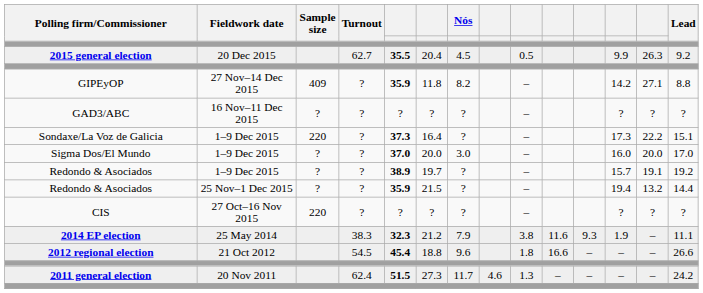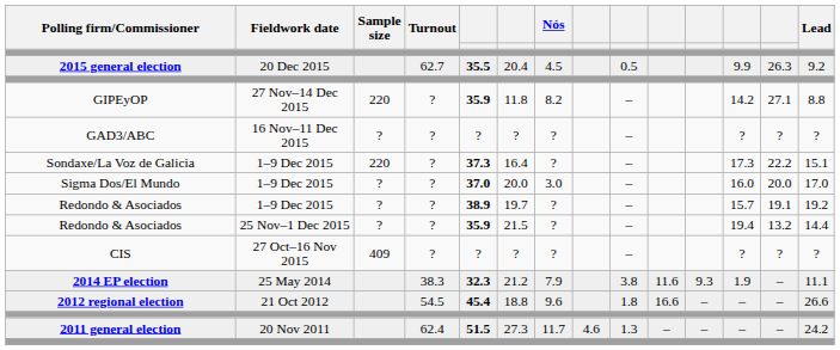 <table class="wikitable collapsible collapsed" style="text-align:center; font-size:95%; line-height:16px;">
 <tr style="height:42px; background-color:#E9E9E9">
 <th style="width:250px;" rowspan="2">Polling firm/Commissioner</th>
 <th style="width:125px;" rowspan="2">Fieldwork date</th>
 <th style="width:50px;" rowspan="2">Sample size</th>
 <th style="width:45px;" rowspan="2">Turnout</th>
 <th style="width:35px;"></th>
 <th style="width:35px;"></th>
 <th style="width:35px;"><a href='#'>Nós</a></th>
 <th style="width:35px;"></th>
 <th style="width:35px;"></th>
 <th style="width:35px;"></th>
 <th style="width:35px;"></th>
 <th style="width:35px;"></th>
 <th style="width:35px;"></th>
 <th style="width:30px;" rowspan="2">Lead</th>
 </tr>
 <tr>
 <th style="color:inherit;background:"></th>
 <th style="color:inherit;background:"></th>
 <th style="color:inherit;background:"></th>
 <th style="color:inherit;background:"></th>
 <th style="color:inherit;background:"></th>
 <th style="color:inherit;background:"></th>
 <th style="color:inherit;background:"></th>
 <th style="color:inherit;background:"></th>
 <th style="color:inherit;background:"></th>
 </tr>
 <tr>
 <td colspan="14" style="background:#A0A0A0"></td>
 </tr>
 <tr style="background:#EFEFEF;">
 <td><strong><a href='#'>2015 general election</a></strong></td>
 <td>20 Dec 2015</td>
 <td></td>
 <td>62.7</td>
 <td><strong>35.5</strong><br></td>
 <td>20.4<br></td>
 <td>4.5<br></td>
 <td></td>
 <td>0.5<br></td>
 <td></td>
 <td></td>
 <td>9.9<br></td>
 <td>26.3<br></td>
 <td style="background:">9.2</td>
 </tr>
 <tr>
 <td colspan="14" style="background:#A0A0A0"></td>
 </tr>
 <tr>
 <td>GIPEyOP</td>
 <td>27 Nov–14 Dec 2015</td>
-<td>409</td>
+<td>220</td>
 <td>?</td>
 <td><strong>35.9</strong><br></td>
 <td>11.8<br></td>
 <td>8.2<br></td>
 <td></td>
 <td>–</td>
 <td></td>
 <td></td>
 <td>14.2<br></td>
 <td>27.1<br></td>
 <td style="background:">8.8</td>
 </tr>
 <tr>
 <td>GAD3/ABC</td>
 <td>16 Nov–11 Dec 2015</td>
 <td>?</td>
 <td>?</td>
 <td>?<br></td>
 <td>?<br></td>
 <td>?<br></td>
 <td></td>
 <td>–</td>
 <td></td>
 <td></td>
 <td>?<br></td>
 <td>?<br></td>
 <td style="background:">?</td>
 </tr>
 <tr>
 <td>Sondaxe/La Voz de Galicia</td>
 <td>1–9 Dec 2015</td>
 <td>220</td>
 <td>?</td>
 <td><strong>37.3</strong><br></td>
 <td>16.4<br></td>
 <td>?<br></td>
 <td></td>
 <td>–</td>
 <td></td>
 <td></td>
 <td>17.3<br></td>
 <td>22.2<br></td>
 <td style="background:">15.1</td>
 </tr>
 <tr>
 <td>Sigma Dos/El Mundo</td>
 <td>1–9 Dec 2015</td>
 <td>?</td>
 <td>?</td>
 <td><strong>37.0</strong><br></td>
 <td>20.0<br></td>
 <td>3.0<br></td>
 <td></td>
 <td>–</td>
 <td></td>
 <td></td>
 <td>16.0<br></td>
 <td>20.0<br></td>
 <td style="background:">17.0</td>
 </tr>
 <tr>
 <td>Redondo & Asociados</td>
 <td>1–9 Dec 2015</td>
 <td>?</td>
 <td>?</td>
 <td><strong>38.9</strong><br></td>
 <td>19.7<br></td>
 <td>?<br></td>
 <td></td>
 <td>–</td>
 <td></td>
 <td></td>
 <td>15.7<br></td>
 <td>19.1<br></td>
 <td style="background:">19.2</td>
 </tr>
 <tr>
 <td>Redondo & Asociados</td>
 <td>25 Nov–1 Dec 2015</td>
 <td>?</td>
 <td>?</td>
 <td><strong>35.9</strong><br></td>
 <td>21.5<br></td>
 <td>?<br></td>
 <td></td>
 <td>–</td>
 <td></td>
 <td></td>
 <td>19.4<br></td>
 <td>13.2<br></td>
 <td style="background:">14.4</td>
 </tr>
 <tr>
 <td>CIS</td>
 <td>27 Oct–16 Nov 2015</td>
-<td>220</td>
+<td>409</td>
 <td>?</td>
 <td>?<br></td>
 <td>?<br></td>
 <td>?<br></td>
 <td></td>
 <td>–</td>
 <td></td>
 <td></td>
 <td>?<br></td>
 <td>?<br></td>
 <td style="background:">?</td>
 </tr>
 <tr style="background:#EFEFEF;">
 <td><strong><a href='#'>2014 EP election</a></strong></td>
 <td>25 May 2014</td>
 <td></td>
 <td>38.3</td>
 <td><strong>32.3</strong><br></td>
 <td>21.2<br></td>
 <td>7.9<br></td>
 <td></td>
 <td>3.8<br></td>
 <td>11.6<br></td>
 <td>9.3<br></td>
 <td>1.9<br></td>
 <td>–</td>
 <td style="background:">11.1</td>
 </tr>
 <tr style="background:#EFEFEF;">
 <td><strong><a href='#'>2012 regional election</a></strong></td>
 <td>21 Oct 2012</td>
 <td></td>
 <td>54.5</td>
 <td><strong>45.4</strong><br></td>
 <td>18.8<br></td>
 <td>9.6<br></td>
 <td></td>
 <td>1.8<br></td>
 <td>16.6<br></td>
 <td>–</td>
 <td>–</td>
 <td>–</td>
 <td style="background:">26.6</td>
 </tr>
 <tr>
 <td colspan="14" style="background:#A0A0A0"></td>
 </tr>
 <tr style="background:#EFEFEF;">
 <td><strong><a href='#'>2011 general election</a></strong></td>
 <td>20 Nov 2011</td>
 <td></td>
 <td>62.4</td>
 <td><strong>51.5</strong><br></td>
 <td>27.3<br></td>
 <td>11.7<br></td>
 <td>4.6<br></td>
 <td>1.3<br></td>
 <td>–</td>
 <td>–</td>
 <td>–</td>
 <td>–</td>
 <td style="background:">24.2</td>
 </tr>
 <tr>
 <td colspan="14" style="background:#A0A0A0"></td>
 </tr>
 </table>
